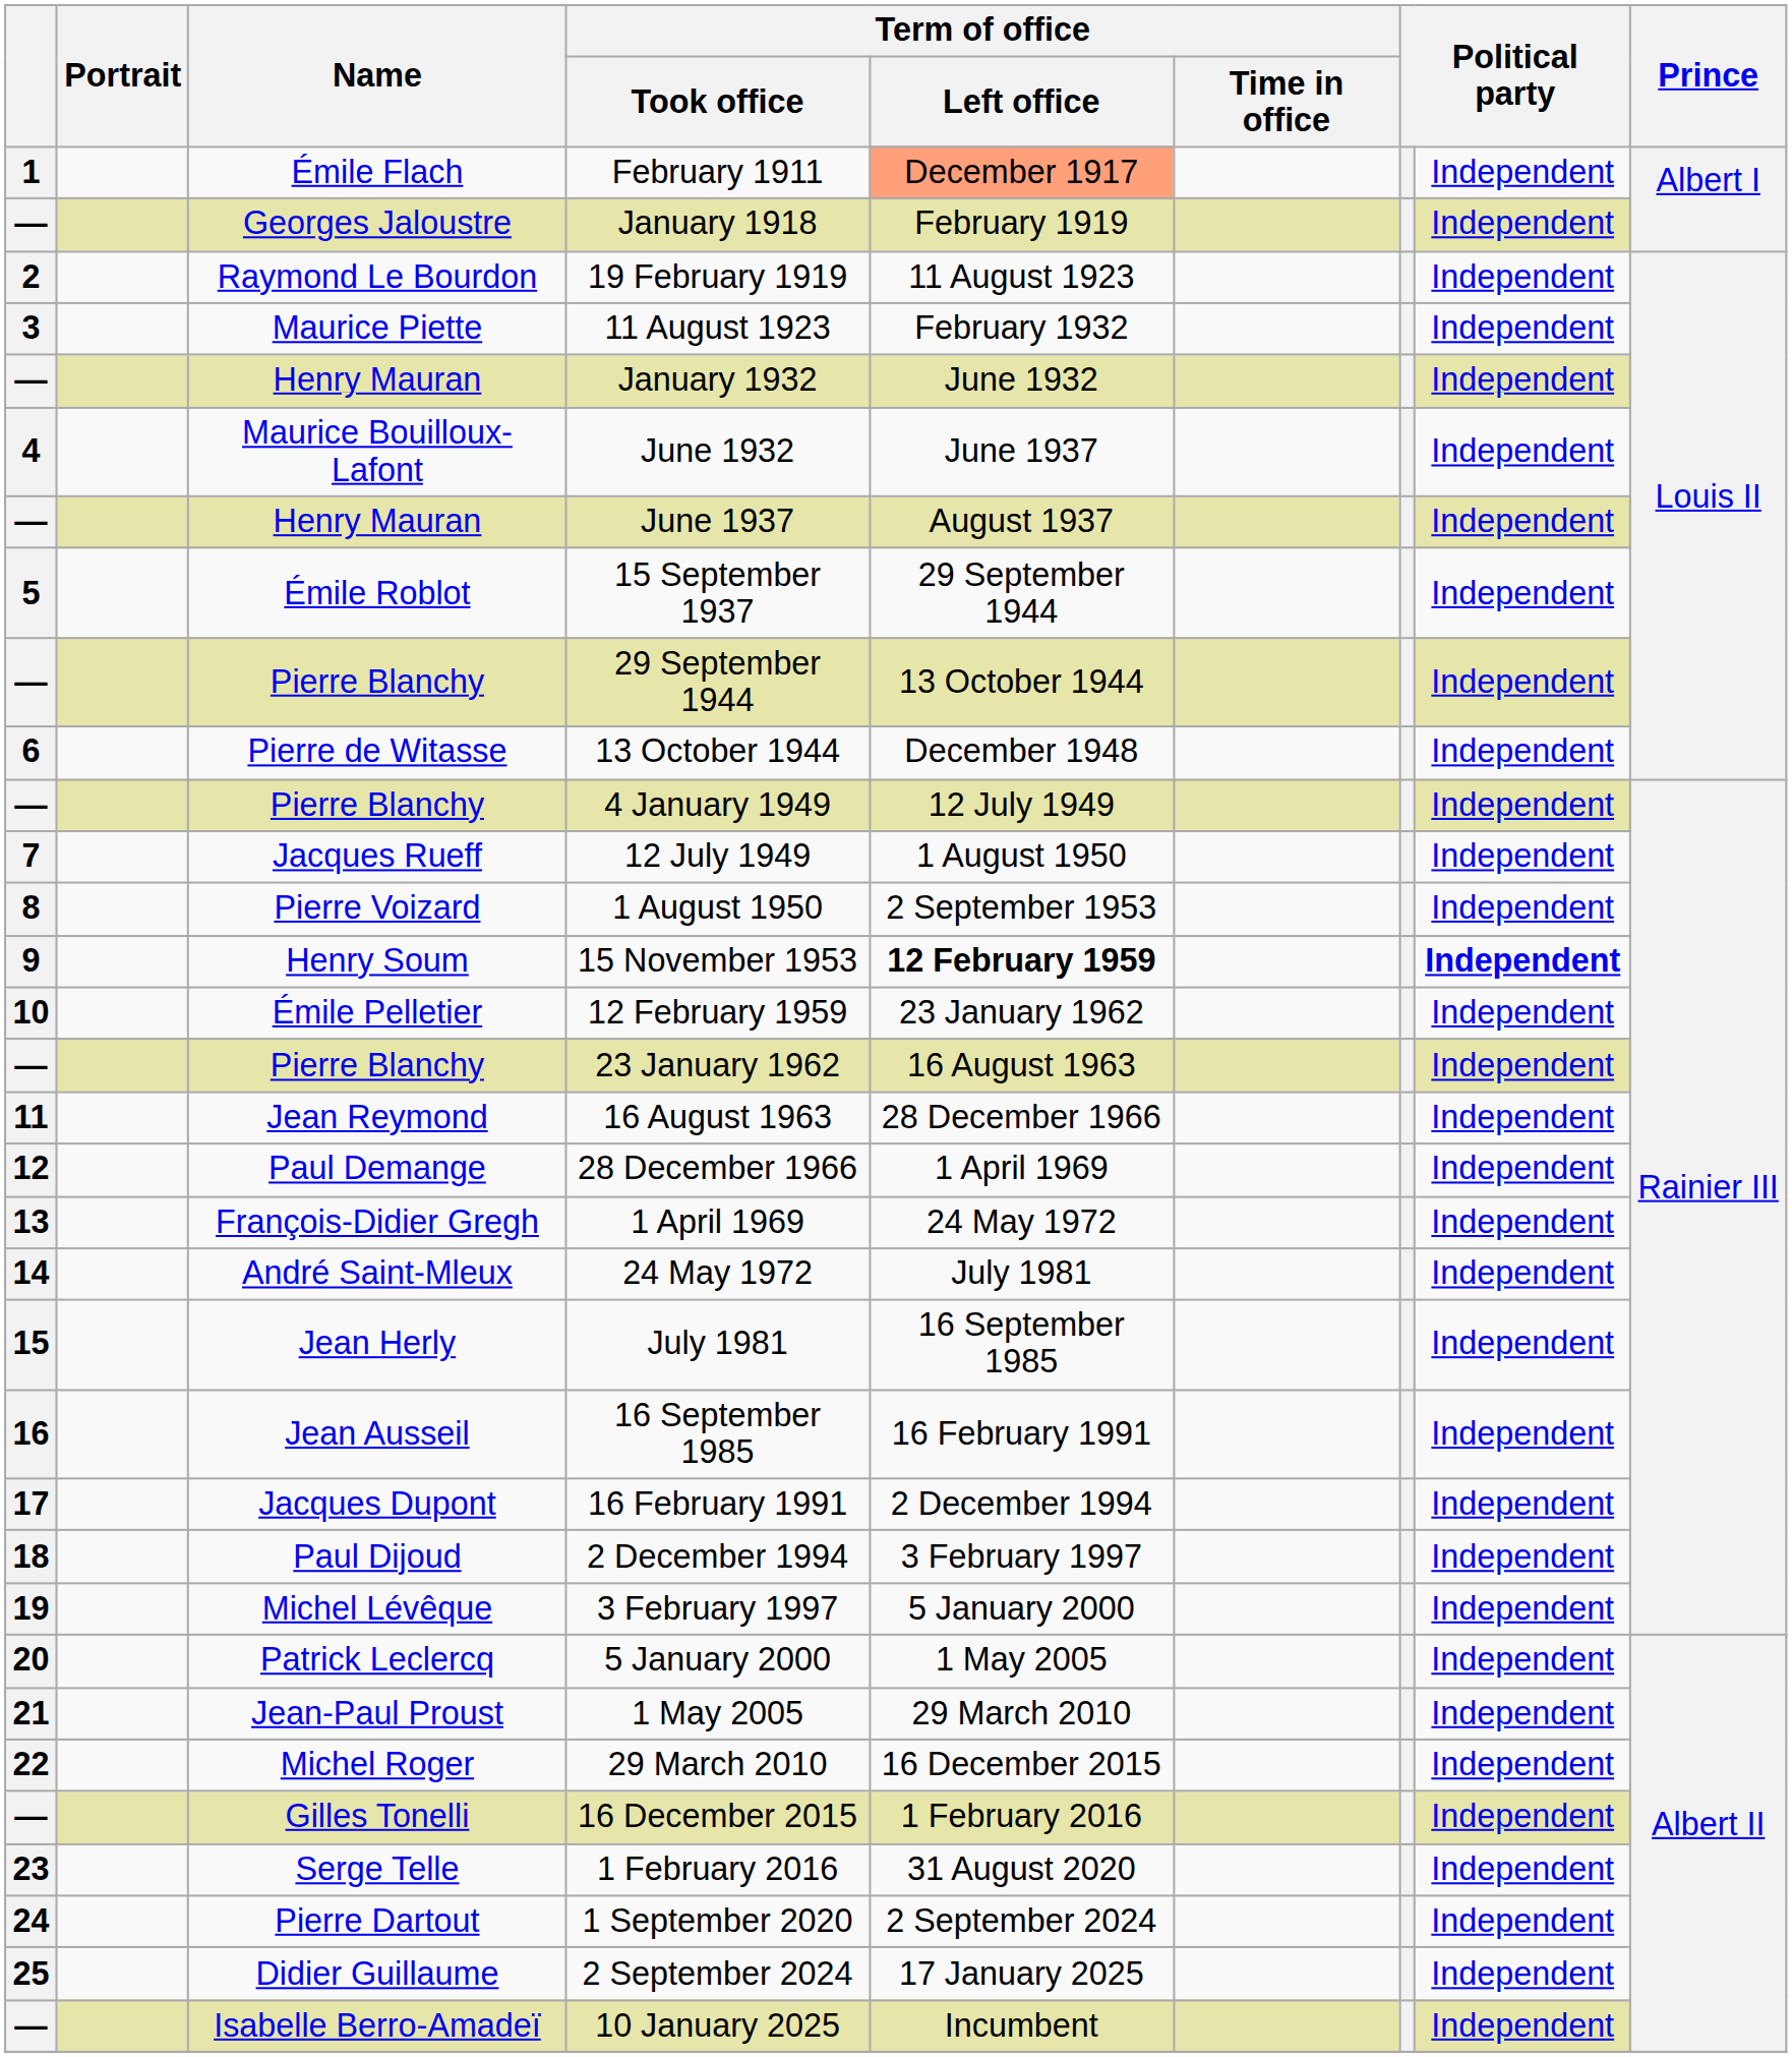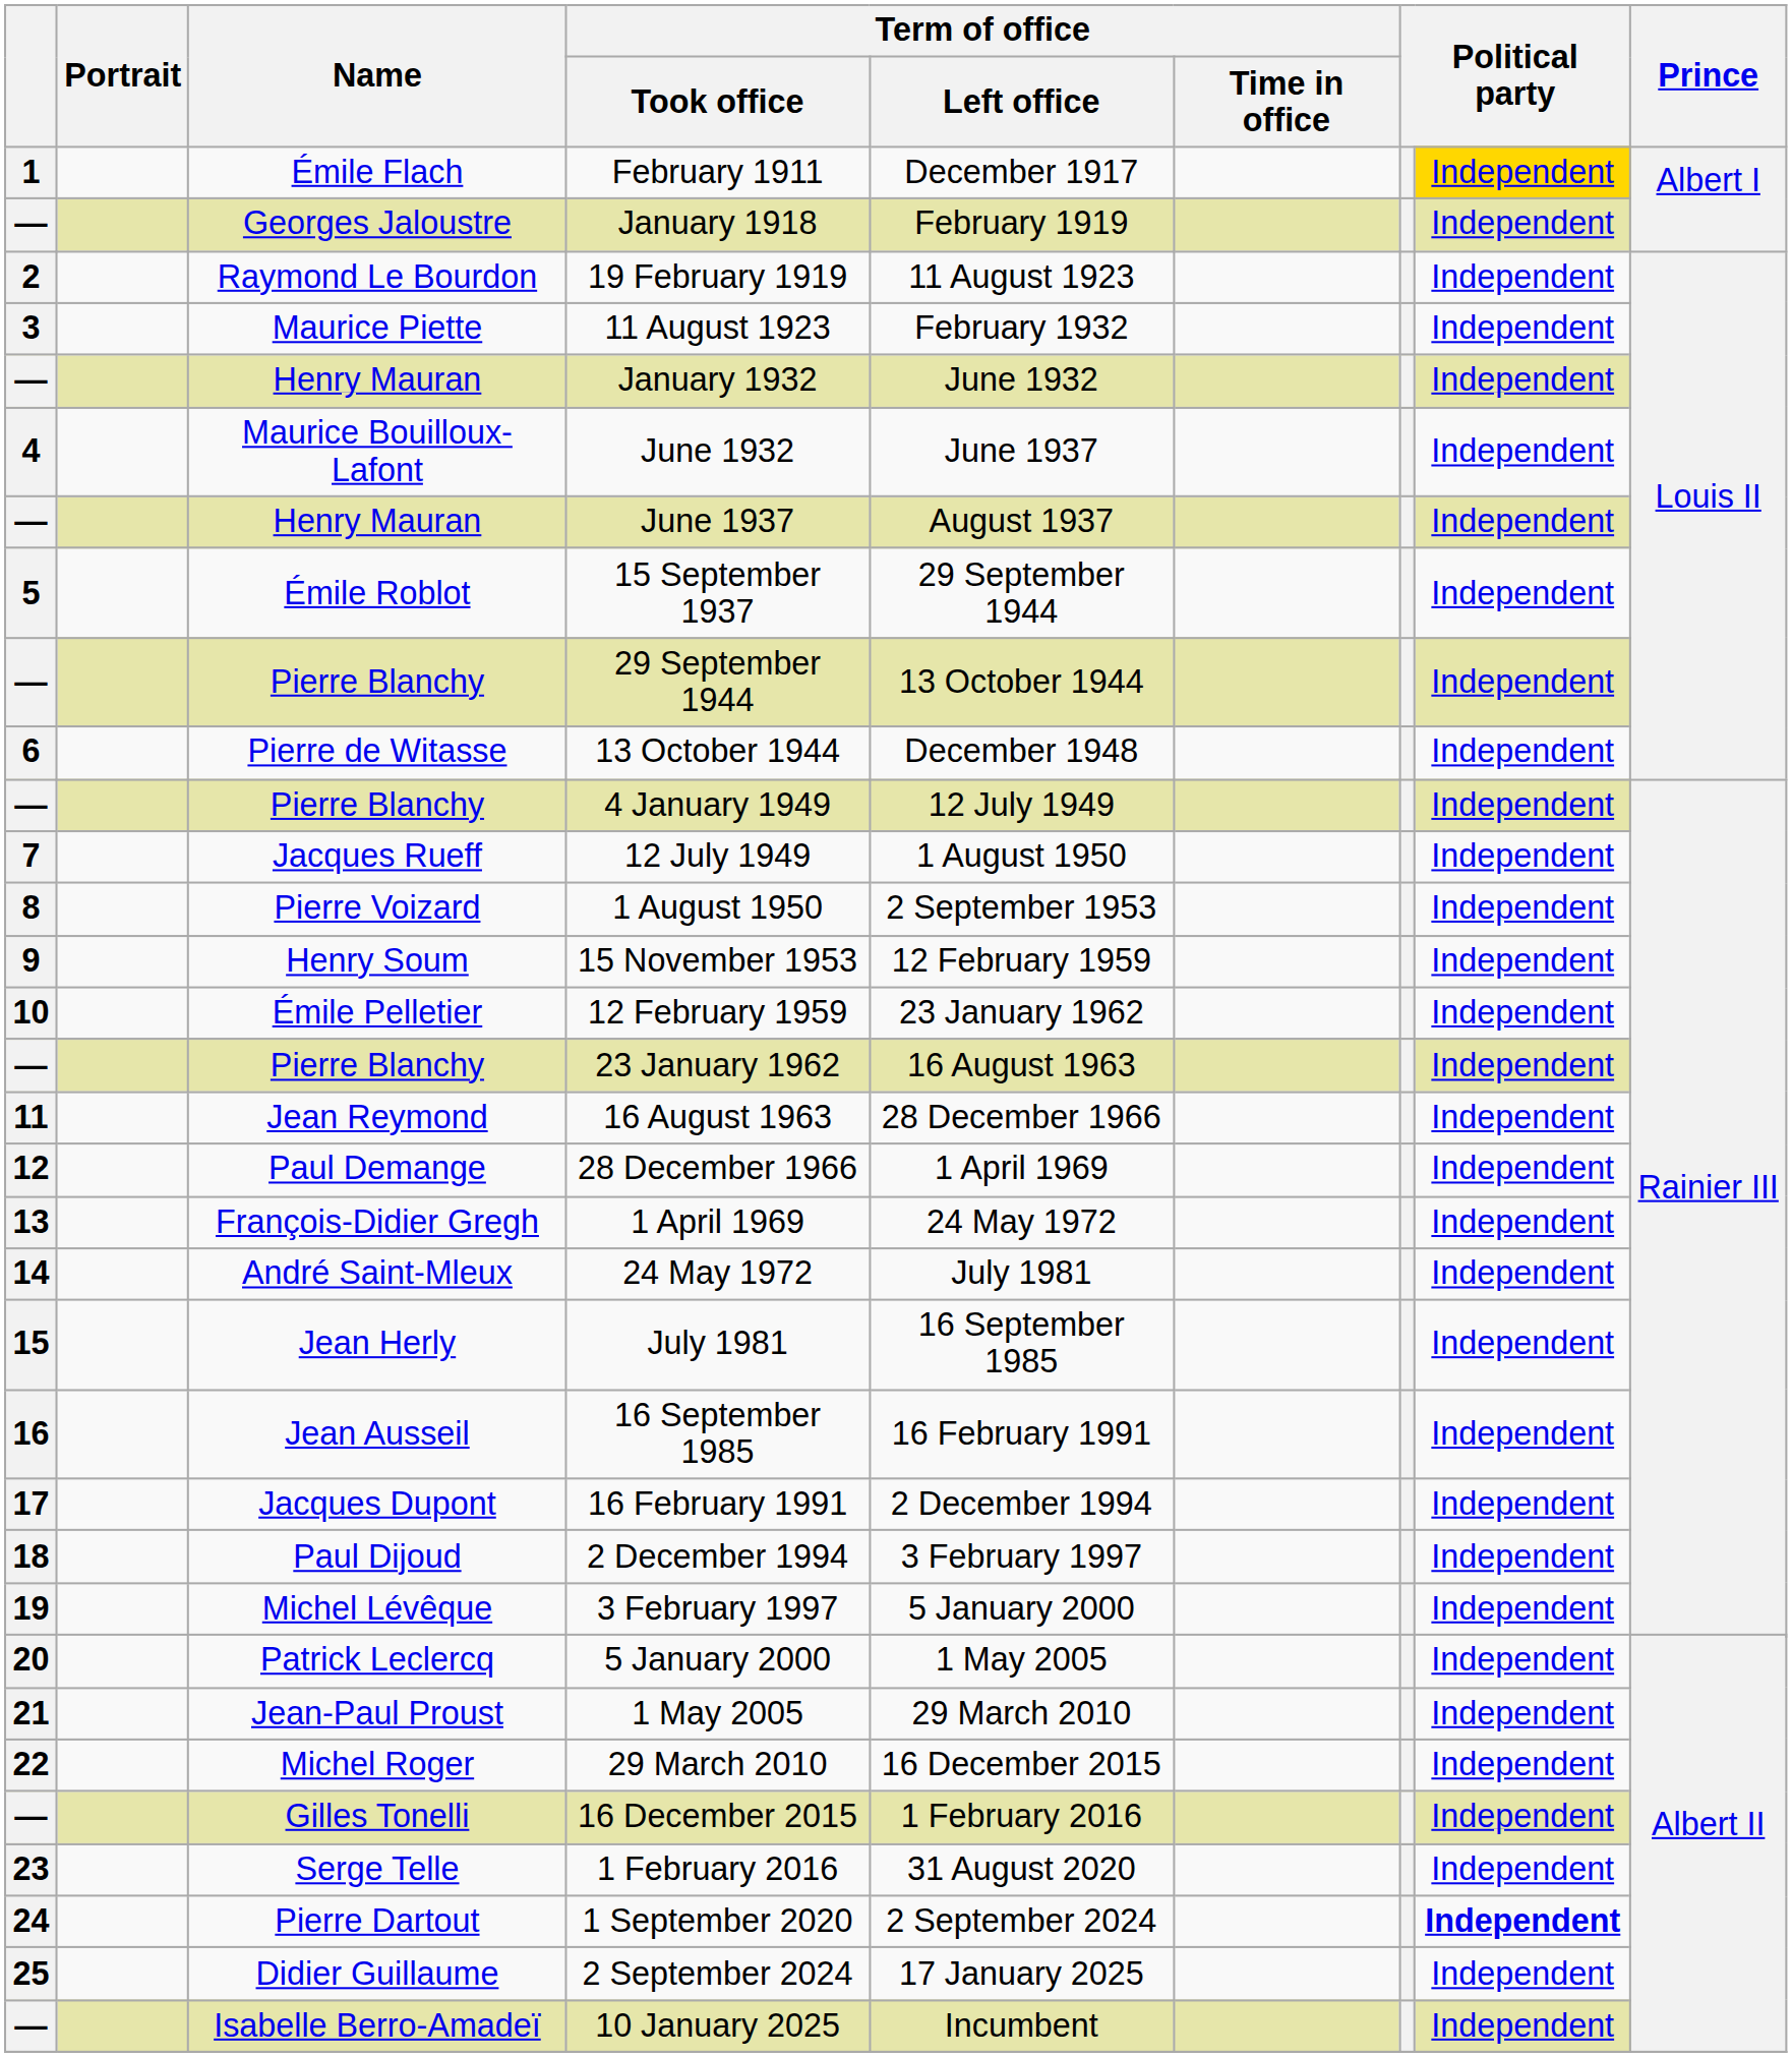 <table class="wikitable" style="text-align:center">
 <tr>
 <th rowspan="2"></th>
 <th rowspan="2">Portrait</th>
 <th rowspan="2">Name<br></th>
 <th colspan="3">Term of office</th>
 <th colspan="2" rowspan="2">Political party</th>
 <th rowspan="2"><a href='#'>Prince</a><br></th>
 </tr>
 <tr>
 <th>Took office</th>
 <th>Left office</th>
 <th>Time in office</th>
 </tr>
 <tr>
 <th>1</th>
 <td></td>
 <td><a href='#'>Émile Flach</a><br></td>
 <td>February 1911</td>
-<td style="background: lightsalmon;">December 1917</td>
+<td>December 1917</td>
 <td></td>
 <th style="background:"></th>
-<td><a href='#'>Independent</a></td>
+<td style="background: gold;"><a href='#'>Independent</a></td>
 <th rowspan="3" style="font-weight:normal"><a href='#'>Albert I</a><br><br></th>
 </tr>
 <tr style="background:#e6e6aa;">
 <th>—</th>
 <td></td>
 <td><a href='#'>Georges Jaloustre</a><br></td>
 <td>January 1918</td>
 <td>February 1919</td>
 <td></td>
 <th style="background:"></th>
 <td><a href='#'>Independent</a></td>
 </tr>
 <tr>
 <th rowspan="2">2</th>
 <td rowspan="2"></td>
 <td rowspan="2"><a href='#'>Raymond Le Bourdon</a><br></td>
 <td rowspan="2">19 February 1919</td>
 <td rowspan="2">11 August 1923</td>
 <td rowspan="2"></td>
 <th rowspan="2" style="background:"></th>
 <td rowspan="2"><a href='#'>Independent</a></td>
 </tr>
 <tr>
 <th rowspan="9" style="font-weight:normal"><a href='#'>Louis II</a><br><br></th>
 </tr>
 <tr>
 <th>3</th>
 <td></td>
 <td><a href='#'>Maurice Piette</a><br></td>
 <td>11 August 1923</td>
 <td>February 1932</td>
 <td></td>
 <th style="background:"></th>
 <td><a href='#'>Independent</a></td>
 </tr>
 <tr style="background:#e6e6aa;">
 <th>—</th>
 <td></td>
 <td><a href='#'>Henry Mauran</a><br></td>
 <td>January 1932</td>
 <td>June 1932</td>
 <td></td>
 <th style="background:"></th>
 <td><a href='#'>Independent</a></td>
 </tr>
 <tr>
 <th>4</th>
 <td></td>
 <td><a href='#'>Maurice Bouilloux-Lafont</a><br></td>
 <td>June 1932</td>
 <td>June 1937</td>
 <td></td>
 <th style="background:"></th>
 <td><a href='#'>Independent</a></td>
 </tr>
 <tr style="background:#e6e6aa;">
 <th>—</th>
 <td></td>
 <td><a href='#'>Henry Mauran</a><br></td>
 <td>June 1937</td>
 <td>August 1937</td>
 <td></td>
 <th style="background:"></th>
 <td><a href='#'>Independent</a></td>
 </tr>
 <tr>
 <th>5</th>
 <td></td>
 <td><a href='#'>Émile Roblot</a><br></td>
 <td>15 September 1937</td>
 <td>29 September 1944</td>
 <td></td>
 <th style="background:"></th>
 <td><a href='#'>Independent</a></td>
 </tr>
 <tr style="background:#e6e6aa;">
 <th>—</th>
 <td></td>
 <td><a href='#'>Pierre Blanchy</a><br></td>
 <td>29 September 1944</td>
 <td>13 October 1944</td>
 <td></td>
 <th style="background:"></th>
 <td><a href='#'>Independent</a></td>
 </tr>
 <tr>
 <th>6</th>
 <td></td>
 <td><a href='#'>Pierre de Witasse</a><br></td>
 <td>13 October 1944</td>
 <td>December 1948</td>
 <td></td>
 <th style="background:"></th>
 <td><a href='#'>Independent</a></td>
 </tr>
 <tr style="background:#e6e6aa;">
 <th rowspan="2">—</th>
 <td rowspan="2"></td>
 <td rowspan="2"><a href='#'>Pierre Blanchy</a><br></td>
 <td rowspan="2">4 January 1949</td>
 <td rowspan="2">12 July 1949</td>
 <td rowspan="2"></td>
 <th rowspan="2" style="background:"></th>
 <td rowspan="2"><a href='#'>Independent</a></td>
 </tr>
 <tr>
 <th rowspan="16" style="font-weight:normal"><a href='#'>Rainier III</a><br><br></th>
 </tr>
 <tr>
 <th>7</th>
 <td></td>
 <td><a href='#'>Jacques Rueff</a><br></td>
 <td>12 July 1949</td>
 <td>1 August 1950</td>
 <td></td>
 <th style="background:"></th>
 <td><a href='#'>Independent</a></td>
 </tr>
 <tr>
 <th>8</th>
 <td></td>
 <td><a href='#'>Pierre Voizard</a><br></td>
 <td>1 August 1950</td>
 <td>2 September 1953</td>
 <td></td>
 <th style="background:"></th>
 <td><a href='#'>Independent</a></td>
 </tr>
 <tr>
 <th>9</th>
 <td></td>
 <td><a href='#'>Henry Soum</a><br></td>
 <td>15 November 1953</td>
-<td><strong>12 February 1959</strong></td>
+<td>12 February 1959</td>
 <td></td>
 <th style="background:"></th>
-<td><strong><a href='#'>Independent</a></strong></td>
+<td><a href='#'>Independent</a></td>
 </tr>
 <tr>
 <th>10</th>
 <td></td>
 <td><a href='#'>Émile Pelletier</a><br></td>
 <td>12 February 1959</td>
 <td>23 January 1962</td>
 <td></td>
 <th style="background:"></th>
 <td><a href='#'>Independent</a></td>
 </tr>
 <tr style="background:#e6e6aa;">
 <th>—</th>
 <td></td>
 <td><a href='#'>Pierre Blanchy</a><br></td>
 <td>23 January 1962</td>
 <td>16 August 1963</td>
 <td></td>
 <th style="background:"></th>
 <td><a href='#'>Independent</a></td>
 </tr>
 <tr>
 <th>11</th>
 <td></td>
 <td><a href='#'>Jean Reymond</a><br></td>
 <td>16 August 1963</td>
 <td>28 December 1966</td>
 <td></td>
 <th style="background:"></th>
 <td><a href='#'>Independent</a></td>
 </tr>
 <tr>
 <th>12</th>
 <td></td>
 <td><a href='#'>Paul Demange</a><br></td>
 <td>28 December 1966</td>
 <td>1 April 1969</td>
 <td></td>
 <th style="background:"></th>
 <td><a href='#'>Independent</a></td>
 </tr>
 <tr>
 <th>13</th>
 <td></td>
 <td><a href='#'>François-Didier Gregh</a><br></td>
 <td>1 April 1969</td>
 <td>24 May 1972</td>
 <td></td>
 <th style="background:"></th>
 <td><a href='#'>Independent</a></td>
 </tr>
 <tr>
 <th>14</th>
 <td></td>
 <td><a href='#'>André Saint-Mleux</a><br></td>
 <td>24 May 1972</td>
 <td>July 1981</td>
 <td></td>
 <th style="background:"></th>
 <td><a href='#'>Independent</a></td>
 </tr>
 <tr>
 <th>15</th>
 <td></td>
 <td><a href='#'>Jean Herly</a><br></td>
 <td>July 1981</td>
 <td>16 September 1985</td>
 <td></td>
 <th style="background:"></th>
 <td><a href='#'>Independent</a></td>
 </tr>
 <tr>
 <th>16</th>
 <td></td>
 <td><a href='#'>Jean Ausseil</a><br></td>
 <td>16 September 1985</td>
 <td>16 February 1991</td>
 <td></td>
 <th style="background:"></th>
 <td><a href='#'>Independent</a></td>
 </tr>
 <tr>
 <th>17</th>
 <td></td>
 <td><a href='#'>Jacques Dupont</a><br></td>
 <td>16 February 1991</td>
 <td>2 December 1994</td>
 <td></td>
 <th style="background:"></th>
 <td><a href='#'>Independent</a></td>
 </tr>
 <tr>
 <th>18</th>
 <td></td>
 <td><a href='#'>Paul Dijoud</a><br></td>
 <td>2 December 1994</td>
 <td>3 February 1997</td>
 <td></td>
 <th style="background:"></th>
 <td><a href='#'>Independent</a></td>
 </tr>
 <tr>
 <th>19</th>
 <td></td>
 <td><a href='#'>Michel Lévêque</a><br></td>
 <td>3 February 1997</td>
 <td>5 January 2000</td>
 <td></td>
 <th style="background:"></th>
 <td><a href='#'>Independent</a></td>
 </tr>
 <tr>
 <th rowspan="2">20</th>
 <td rowspan="2"></td>
 <td rowspan="2"><a href='#'>Patrick Leclercq</a><br></td>
 <td rowspan="2">5 January 2000</td>
 <td rowspan="2">1 May 2005</td>
 <td rowspan="2"></td>
 <th rowspan="2" style="background:"></th>
 <td rowspan="2"><a href='#'>Independent</a></td>
 </tr>
 <tr>
 <th rowspan="8" style="font-weight:normal"><a href='#'>Albert II</a><br><br></th>
 </tr>
 <tr>
 <th>21</th>
 <td></td>
 <td><a href='#'>Jean-Paul Proust</a><br></td>
 <td>1 May 2005</td>
 <td>29 March 2010</td>
 <td></td>
 <th style="background:"></th>
 <td><a href='#'>Independent</a></td>
 </tr>
 <tr>
 <th>22</th>
 <td></td>
 <td><a href='#'>Michel Roger</a><br></td>
 <td>29 March 2010</td>
 <td>16 December 2015</td>
 <td></td>
 <th style="background:"></th>
 <td><a href='#'>Independent</a></td>
 </tr>
 <tr style="background:#e6e6aa;">
 <th>—</th>
 <td></td>
 <td><a href='#'>Gilles Tonelli</a><br></td>
 <td>16 December 2015</td>
 <td>1 February 2016</td>
 <td></td>
 <th style="background:"></th>
 <td><a href='#'>Independent</a></td>
 </tr>
 <tr>
 <th>23</th>
 <td></td>
 <td><a href='#'>Serge Telle</a><br></td>
 <td>1 February 2016</td>
 <td>31 August 2020</td>
 <td></td>
 <th style="background:"></th>
 <td><a href='#'>Independent</a></td>
 </tr>
 <tr>
 <th>24</th>
 <td></td>
 <td><a href='#'>Pierre Dartout</a><br></td>
 <td>1 September 2020</td>
 <td>2 September 2024</td>
 <td></td>
 <th style="background:"></th>
-<td><a href='#'>Independent</a></td>
+<td><strong><a href='#'>Independent</a></strong></td>
 </tr>
 <tr>
 <th>25</th>
 <td></td>
 <td><a href='#'>Didier Guillaume</a><br></td>
 <td>2 September 2024</td>
 <td>17 January 2025</td>
 <td></td>
 <th style="background:"></th>
 <td><a href='#'>Independent</a></td>
 </tr>
 <tr style="background:#e6e6aa;">
 <th>—</th>
 <td></td>
 <td><a href='#'>Isabelle Berro-Amadeï</a><br></td>
 <td>10 January 2025</td>
 <td>Incumbent</td>
 <td></td>
 <th style="background:"></th>
 <td><a href='#'>Independent</a></td>
 </tr>
 <tr style="background:#e6e6aa;">
 </tr>
 </table>
